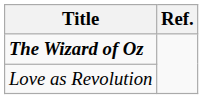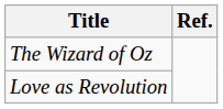 <table class="wikitable">
 <tr>
 <th>Title</th>
 <th>Ref.</th>
 </tr>
 <tr>
-<td><strong><em>The Wizard of Oz</em></strong></td>
+<td><em>The Wizard of Oz</em></td>
 <td rowspan="2"></td>
 </tr>
 <tr>
 <td><em>Love as Revolution</em></td>
 </tr>
 </table>
